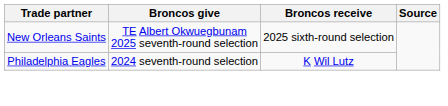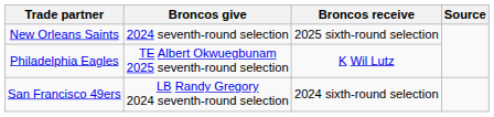 <table class="wikitable" style="text-align:center">
 <tr>
 <th>Trade partner</th>
 <th>Broncos give</th>
 <th>Broncos receive</th>
 <th>Source</th>
 </tr>
 <tr>
 <td><a href='#'>New Orleans Saints</a></td>
-<td><a href='#'>TE</a> <a href='#'>Albert Okwuegbunam</a><br><a href='#'>2025</a> seventh-round selection</td>
+<td><a href='#'>2024</a> seventh-round selection</td>
 <td>2025 sixth-round selection</td>
 <td rowspan=2></td>
 </tr>
 <tr>
 <td><a href='#'>Philadelphia Eagles</a></td>
-<td><a href='#'>2024</a> seventh-round selection</td>
+<td><a href='#'>TE</a> <a href='#'>Albert Okwuegbunam</a><br><a href='#'>2025</a> seventh-round selection</td>
 <td><a href='#'>K</a> <a href='#'>Wil Lutz</a></td>
 </tr>
+<tr>
+<td><a href='#'>San Francisco 49ers</a></td>
+<td><a href='#'>LB</a> <a href='#'>Randy Gregory</a><br>2024 seventh-round selection</td>
+<td>2024 sixth-round selection</td>
+<td></td>
+</tr>
 </table>
